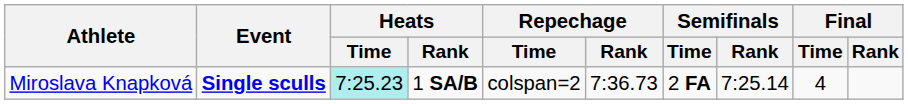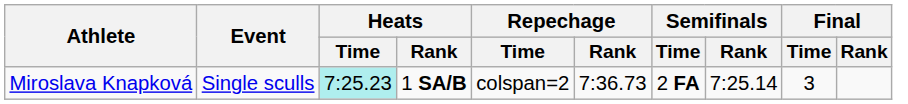 <table class="wikitable" style="font-size:90%;">
 <tr>
 <th rowspan="2">Athlete</th>
 <th rowspan="2">Event</th>
 <th colspan="2">Heats</th>
 <th colspan="2">Repechage</th>
 <th colspan="2">Semifinals</th>
 <th colspan="2">Final</th>
 </tr>
 <tr style="font-size:95%">
 <th>Time</th>
 <th>Rank</th>
 <th>Time</th>
 <th>Rank</th>
 <th>Time</th>
 <th>Rank</th>
 <th>Time</th>
 <th>Rank</th>
 </tr>
 <tr align=center>
 <td align=left><a href='#'>Miroslava Knapková</a></td>
-<td align=left><strong><a href='#'>Single sculls</a></strong></td>
+<td align=left><a href='#'>Single sculls</a></td>
 <td style="background: paleturquoise;">7:25.23</td>
 <td>1 <strong>SA/B</strong></td>
 <td>colspan=2 </td>
 <td>7:36.73</td>
 <td>2 <strong>FA</strong></td>
 <td>7:25.14</td>
-<td>4</td>
+<td>3</td>
 </tr>
 </table>
